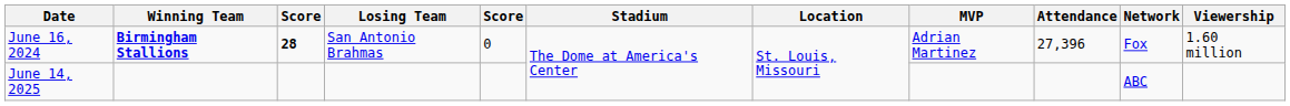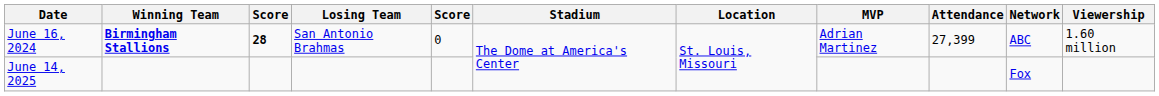 <table class="wikitable">
 <tr>
 <th>Date</th>
 <th>Winning Team</th>
 <th>Score</th>
 <th>Losing Team</th>
 <th>Score</th>
 <th>Stadium</th>
 <th>Location</th>
 <th>MVP</th>
 <th>Attendance</th>
 <th>Network</th>
 <th>Viewership</th>
 </tr>
 <tr>
 <td><a href='#'>June 16, 2024</a></td>
 <td><strong><a href='#'>Birmingham Stallions</a></strong></td>
 <td><strong>28</strong></td>
 <td><a href='#'>San Antonio Brahmas</a></td>
 <td>0</td>
 <td rowspan="2"><a href='#'>The Dome at America's Center</a></td>
 <td rowspan="2"><a href='#'>St. Louis, Missouri</a></td>
 <td><a href='#'>Adrian Martinez</a></td>
-<td>27,396</td>
-<td><a href='#'>Fox</a></td>
+<td>27,399</td>
+<td><a href='#'>ABC</a></td>
 <td>1.60 million</td>
 </tr>
 <tr>
 <td><a href='#'>June 14, 2025</a></td>
 <td></td>
 <td></td>
 <td></td>
 <td></td>
 <td></td>
 <td></td>
-<td><a href='#'>ABC</a></td>
+<td><a href='#'>Fox</a></td>
 <td></td>
 </tr>
 </table>
